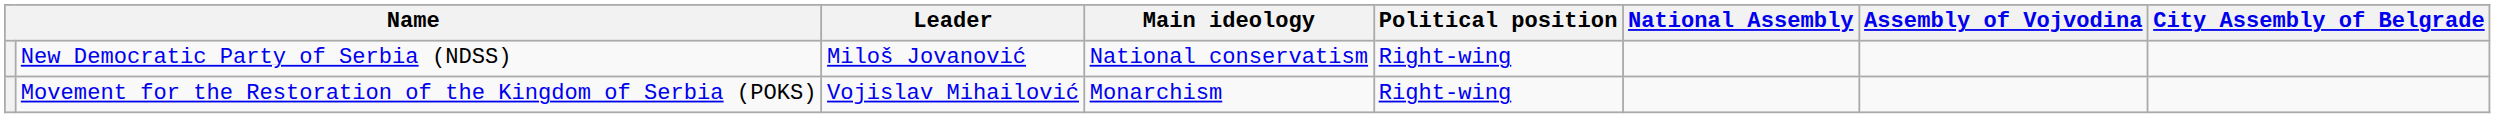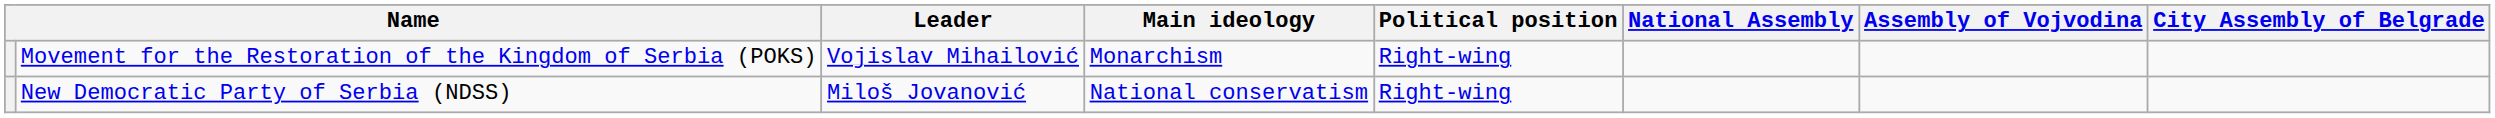 <table class="wikitable" style="text-align; font-size: 95%">
 <tr>
 <th colspan="2">Name</th>
 <th>Leader</th>
 <th>Main ideology</th>
 <th>Political position</th>
 <th><a href='#'>National Assembly</a></th>
 <th><a href='#'>Assembly of Vojvodina</a></th>
 <th><a href='#'>City Assembly of Belgrade</a></th>
 </tr>
 <tr>
 <th style="background-color:"></th>
+<td><a href='#'>Movement for the Restoration of the Kingdom of Serbia</a> (POKS)</td>
+<td><a href='#'>Vojislav Mihailović</a></td>
+<td><a href='#'>Monarchism</a></td>
+<td><a href='#'>Right-wing</a></td>
+<td></td>
+<td></td>
+<td></td>
+</tr>
+<tr>
+<th style="background-color:"></th>
 <td><a href='#'>New Democratic Party of Serbia</a> (NDSS)</td>
 <td><a href='#'>Miloš Jovanović</a></td>
 <td><a href='#'>National conservatism</a></td>
 <td><a href='#'>Right-wing</a></td>
 <td></td>
 <td></td>
 <td></td>
 </tr>
-<tr>
-<th style="background-color:"></th>
-<td><a href='#'>Movement for the Restoration of the Kingdom of Serbia</a> (POKS)</td>
-<td><a href='#'>Vojislav Mihailović</a></td>
-<td><a href='#'>Monarchism</a></td>
-<td><a href='#'>Right-wing</a></td>
-<td></td>
-<td></td>
-<td></td>
-</tr>
 </table>
